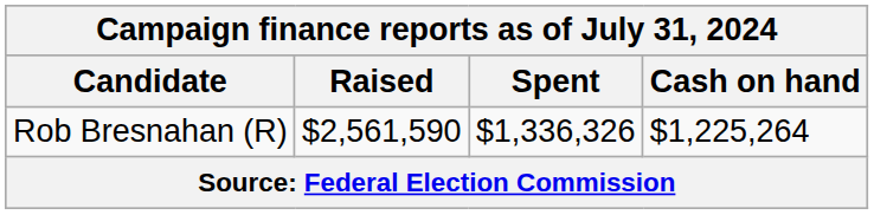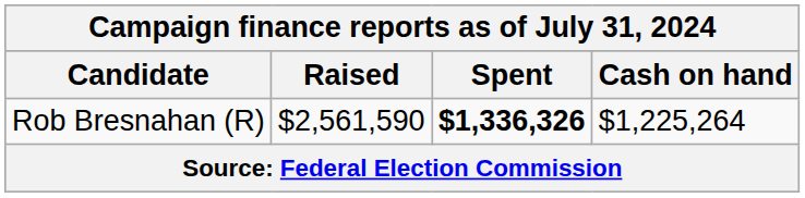 <table class="wikitable sortable">
 <tr>
 <th colspan=4>Campaign finance reports as of July 31, 2024</th>
 </tr>
 <tr style="text-align:center;">
 <th>Candidate</th>
 <th>Raised</th>
 <th>Spent</th>
 <th>Cash on hand</th>
 </tr>
 <tr>
 <td>Rob Bresnahan (R)</td>
 <td>$2,561,590</td>
-<td>$1,336,326</td>
+<td><strong>$1,336,326</strong></td>
 <td>$1,225,264</td>
 </tr>
 <tr>
 <th colspan="4"><small>Source: <a href='#'>Federal Election Commission</a></small></th>
 </tr>
 </table>
